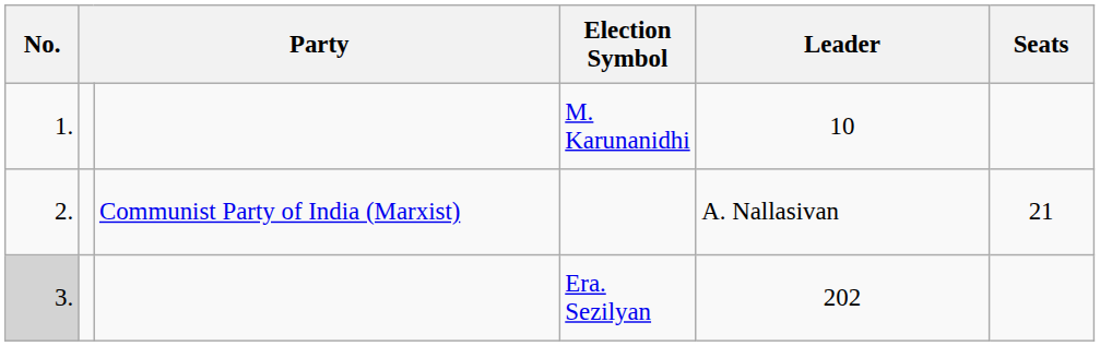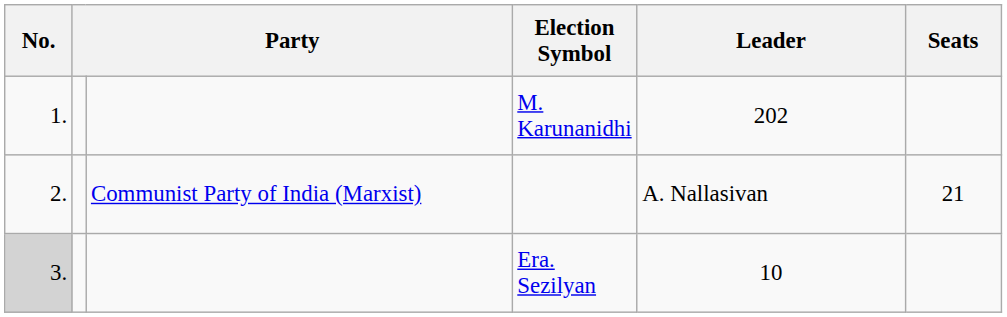 <table class="wikitable">
 <tr style="height: 50px;">
 <th scope="col" style="width:40px;">No.<br></th>
 <th scope="col" style="width:300px;"colspan="2">Party</th>
 <th scope="col" style="width:80px;">Election Symbol</th>
 <th scope="col" style="width:180px;">Leader</th>
 <th scope="col" style="width:60px;">Seats</th>
 </tr>
 <tr style="height: 55px;">
 <td style="text-align:right;">1.</td>
 <td></td>
 <td style="text-align:center;"></td>
 <td><a href='#'>M. Karunanidhi</a></td>
-<td style="text-align:center;">10</td>
+<td style="text-align:center;">202</td>
 </tr>
 <tr style="height: 55px;">
 <td style="text-align:right;">2.</td>
 <td></td>
 <td><a href='#'>Communist Party of India  (Marxist)</a></td>
 <td style="text-align:center;"></td>
 <td>A. Nallasivan</td>
 <td style="text-align:center;">21</td>
 </tr>
 <tr style="height: 55px;">
 <td style="background: lightgrey; text-align:right;">3.</td>
 <td></td>
 <td style="text-align:center;"></td>
 <td><a href='#'>Era. Sezilyan</a></td>
-<td style="text-align:center;">202</td>
+<td style="text-align:center;">10</td>
 </tr>
 </table>
